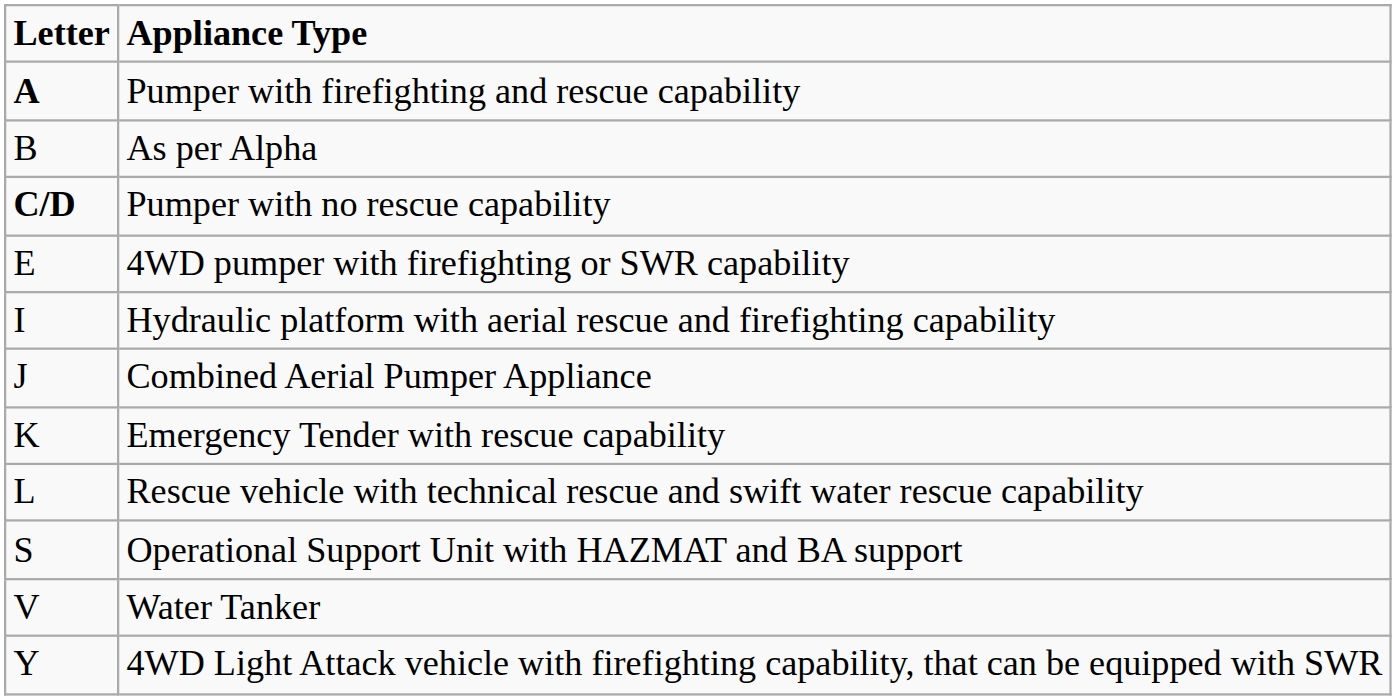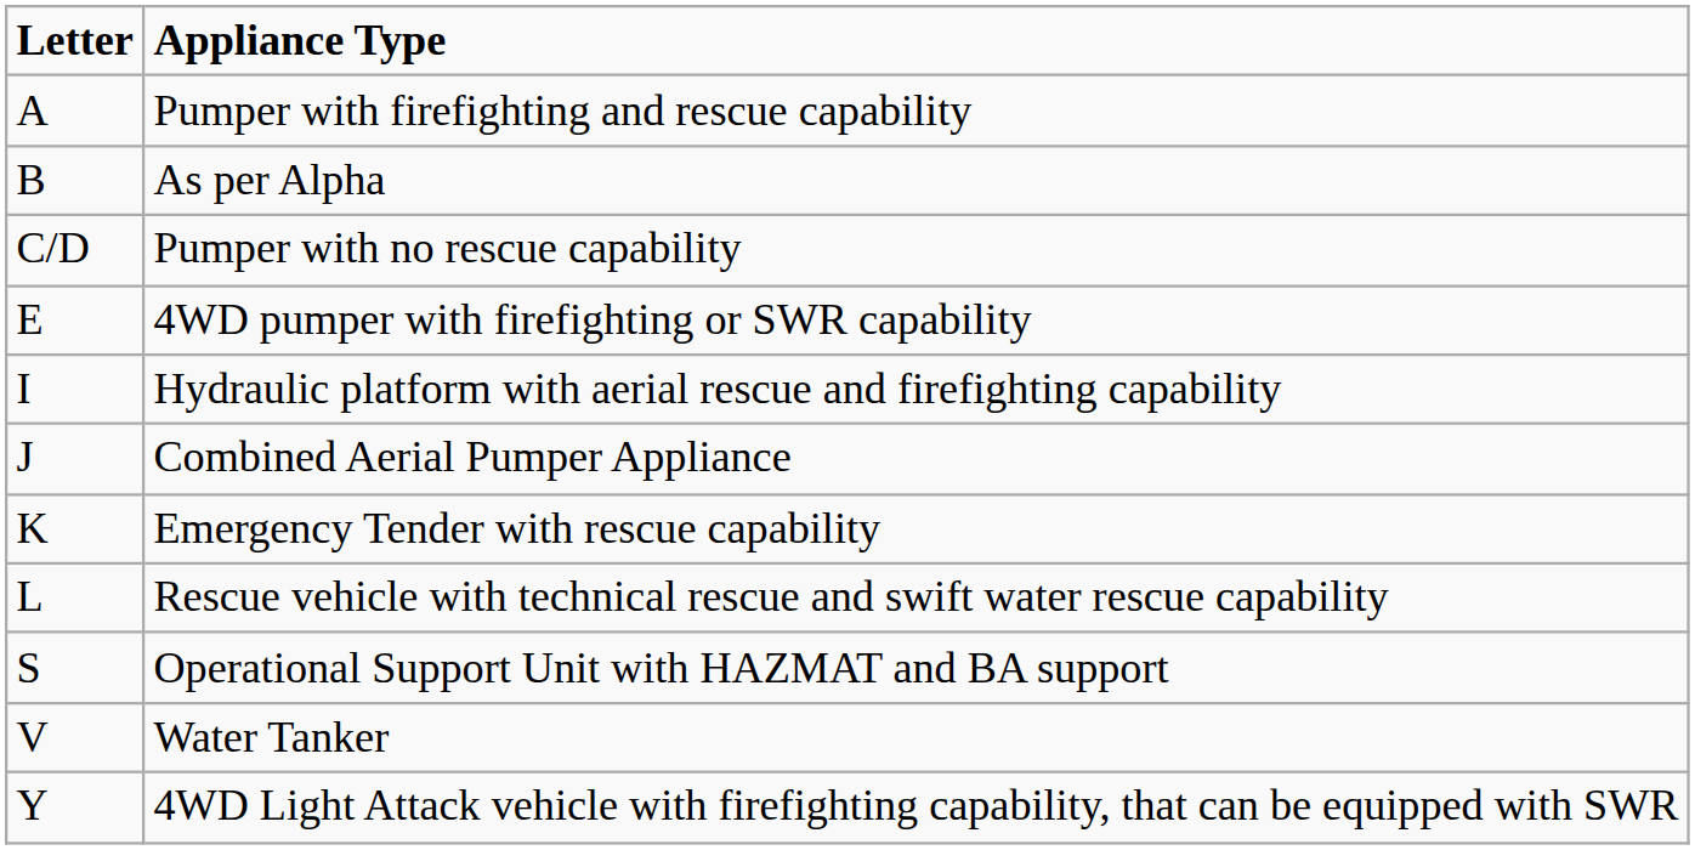 <table class="wikitable">
 <tr>
 <td><strong>Letter</strong></td>
 <td><strong>Appliance Type</strong></td>
 </tr>
 <tr>
-<td><strong>A</strong></td>
+<td>A</td>
 <td>Pumper with firefighting and rescue capability</td>
 </tr>
 <tr>
 <td>B</td>
 <td>As per Alpha</td>
 </tr>
 <tr>
-<td><strong>C/D</strong></td>
+<td>C/D</td>
 <td>Pumper with no rescue capability</td>
 </tr>
 <tr>
 <td>E</td>
 <td>4WD pumper with firefighting or SWR capability</td>
 </tr>
 <tr>
 <td>I</td>
 <td>Hydraulic platform with aerial rescue and firefighting capability</td>
 </tr>
 <tr>
 <td>J</td>
 <td>Combined Aerial Pumper Appliance</td>
 </tr>
 <tr>
 <td>K</td>
 <td>Emergency Tender with rescue capability</td>
 </tr>
 <tr>
 <td>L</td>
 <td>Rescue vehicle with technical rescue and swift water rescue capability</td>
 </tr>
 <tr>
 <td>S</td>
 <td>Operational Support Unit with HAZMAT and BA support</td>
 </tr>
 <tr>
 <td>V</td>
 <td>Water Tanker</td>
 </tr>
 <tr>
 <td>Y</td>
 <td>4WD Light Attack vehicle with firefighting capability, that can be equipped with SWR</td>
 </tr>
 </table>
